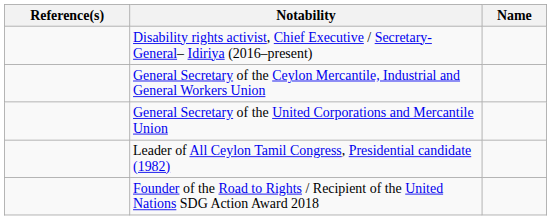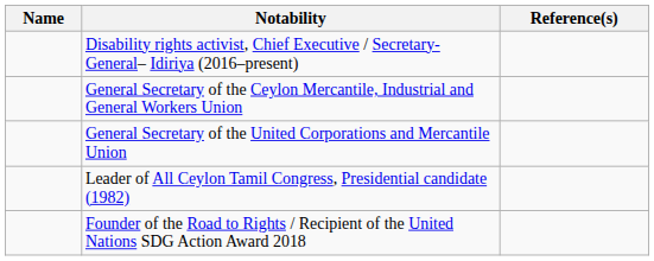 <table class="wikitable sortable" style="width:100%">
 <tr>
+<th style="width:*;">Name</th>
+<th style="width:65%;" class="unsortable">Notability</th>
 <th style="width:*;" class="unsortable">Reference(s)</th>
-<th style="width:65%;" class="unsortable">Notability</th>
-<th style="width:*;">Name</th>
 </tr>
 <tr>
+<td></td>
+<td><a href='#'>Disability rights activist</a>, <a href='#'>Chief Executive</a> / <a href='#'>Secretary-General</a>– <a href='#'>Idiriya</a> (2016–present)</td>
 <td style="text-align:center;"></td>
-<td><a href='#'>Disability rights activist</a>, <a href='#'>Chief Executive</a> / <a href='#'>Secretary-General</a>– <a href='#'>Idiriya</a> (2016–present)</td>
-<td></td>
 </tr>
 <tr>
+<td></td>
+<td><a href='#'>General Secretary</a> of the <a href='#'>Ceylon Mercantile, Industrial and General Workers Union</a></td>
 <td style="text-align:center;"></td>
-<td><a href='#'>General Secretary</a> of the <a href='#'>Ceylon Mercantile, Industrial and General Workers Union</a></td>
-<td></td>
 </tr>
 <tr>
+<td></td>
+<td><a href='#'>General Secretary</a> of the <a href='#'>United Corporations and Mercantile Union</a></td>
 <td style="text-align:center;"></td>
-<td><a href='#'>General Secretary</a> of the <a href='#'>United Corporations and Mercantile Union</a></td>
-<td></td>
 </tr>
 <tr>
+<td></td>
+<td>Leader of <a href='#'>All Ceylon Tamil Congress</a>, <a href='#'>Presidential candidate (1982)</a></td>
 <td style="text-align:center;"></td>
-<td>Leader of <a href='#'>All Ceylon Tamil Congress</a>, <a href='#'>Presidential candidate (1982)</a></td>
-<td></td>
 </tr>
 <tr>
+<td></td>
+<td><a href='#'>Founder</a> of the <a href='#'>Road to Rights</a> / Recipient of the <a href='#'>United Nations</a> SDG Action Award 2018</td>
 <td style="text-align:center;"></td>
-<td><a href='#'>Founder</a> of the <a href='#'>Road to Rights</a> / Recipient of the <a href='#'>United Nations</a> SDG Action Award 2018</td>
-<td></td>
 </tr>
 </table>
